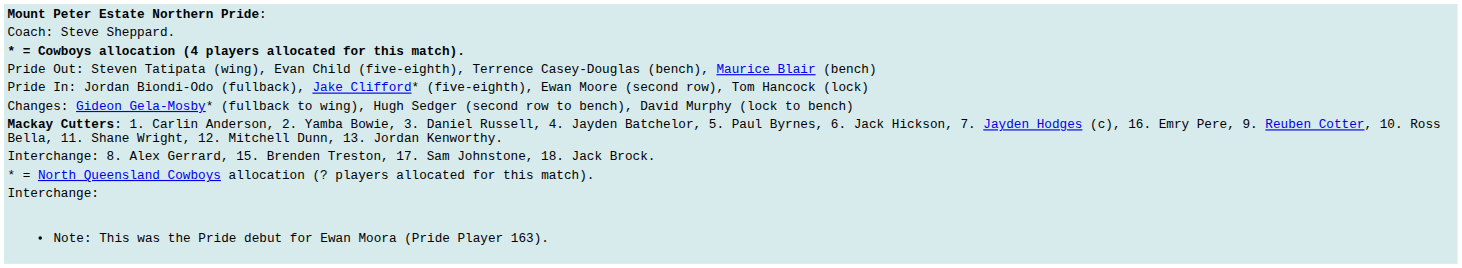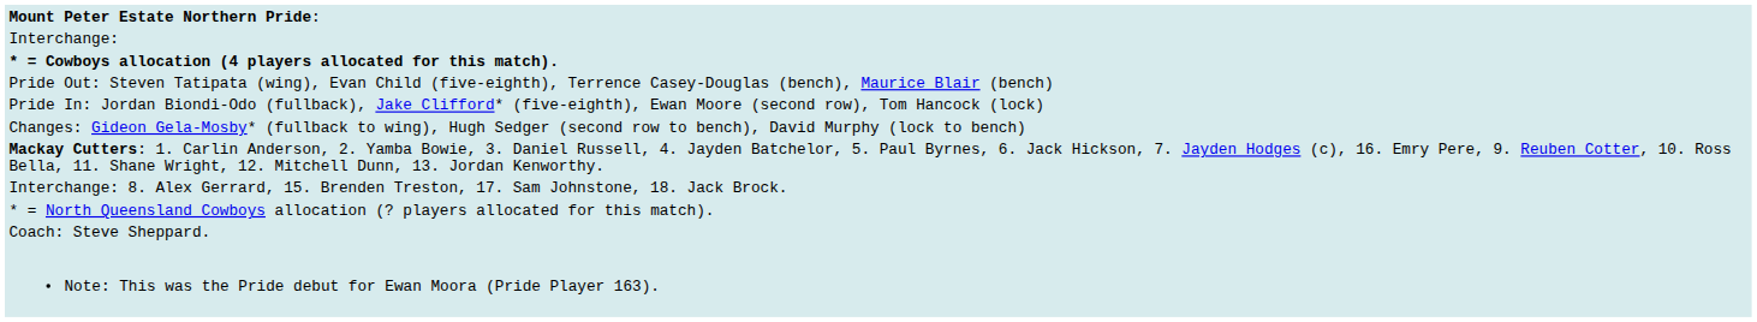 <table style="background:#d7ebed; font-size:85%; width:100%;">
 <tr>
 <td><strong>Mount Peter Estate Northern Pride</strong>:             </td>
 </tr>
 <tr>
-<td>Coach: Steve Sheppard.</td>
+<td>Interchange:    </td>
 </tr>
 <tr>
 <td><strong>* = Cowboys allocation (4 players allocated for this match).</strong></td>
 </tr>
 <tr>
 <td>Pride Out: Steven Tatipata (wing), Evan Child (five-eighth), Terrence Casey-Douglas (bench), <a href='#'>Maurice Blair</a> (bench)</td>
 </tr>
 <tr>
 <td>Pride In: Jordan Biondi-Odo (fullback), <a href='#'>Jake Clifford</a>* (five-eighth), Ewan Moore (second row), Tom Hancock (lock)</td>
 </tr>
 <tr>
 <td>Changes: <a href='#'>Gideon Gela-Mosby</a>* (fullback to wing), Hugh Sedger (second row to bench), David Murphy (lock to bench)</td>
 </tr>
 <tr>
 <td><strong>Mackay Cutters</strong>: 1. Carlin Anderson, 2. Yamba Bowie, 3. Daniel Russell, 4. Jayden Batchelor, 5. Paul Byrnes, 6. Jack Hickson, 7. <a href='#'>Jayden Hodges</a> (c), 16. Emry Pere, 9. <a href='#'>Reuben Cotter</a>, 10. Ross Bella, 11. Shane Wright, 12. Mitchell Dunn, 13. Jordan Kenworthy.</td>
 </tr>
 <tr>
 <td>Interchange: 8. Alex Gerrard, 15. Brenden Treston, 17. Sam Johnstone, 18. Jack Brock.</td>
 </tr>
 <tr>
 <td>* = <a href='#'>North Queensland Cowboys</a> allocation (? players allocated for this match).</td>
 </tr>
 <tr>
-<td>Interchange:    </td>
+<td>Coach: Steve Sheppard.</td>
 </tr>
 <tr>
 <td><br><ul><li>Note: This was the Pride debut for Ewan Moora (Pride Player 163).</li></ul></td>
 </tr>
 <tr>
 </tr>
 </table>
